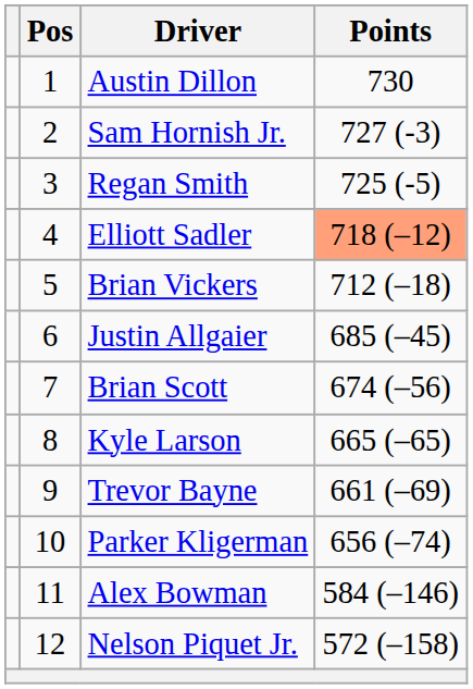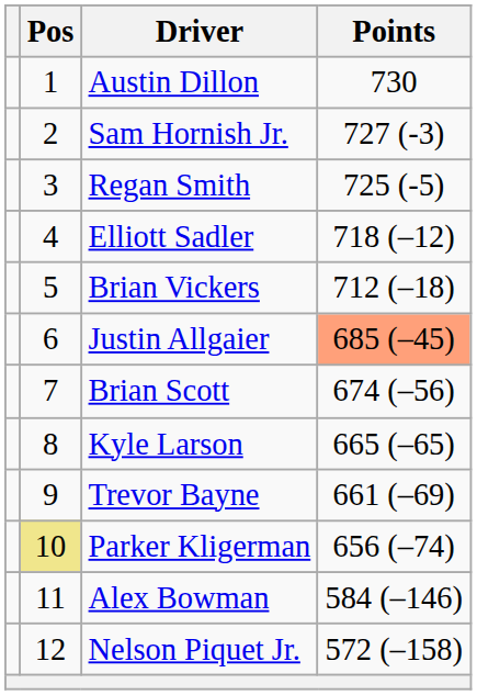 <table class="wikitable" style="font-size: 95%;">
 <tr>
 <th></th>
 <th>Pos</th>
 <th>Driver</th>
 <th>Points</th>
 </tr>
 <tr>
 <td align="left"></td>
 <td style="text-align:center;">1</td>
 <td><a href='#'>Austin Dillon</a></td>
 <td style="text-align:center;">730</td>
 </tr>
 <tr>
 <td align="left"></td>
 <td style="text-align:center;">2</td>
 <td><a href='#'>Sam Hornish Jr.</a></td>
 <td style="text-align:center;">727 (-3)</td>
 </tr>
 <tr>
 <td align="left"></td>
 <td style="text-align:center;">3</td>
 <td><a href='#'>Regan Smith</a></td>
 <td style="text-align:center;">725 (-5)</td>
 </tr>
 <tr>
 <td align="left"></td>
 <td style="text-align:center;">4</td>
 <td><a href='#'>Elliott Sadler</a></td>
-<td style="background: lightsalmon; text-align:center;">718 (–12)</td>
+<td style="text-align:center;">718 (–12)</td>
 </tr>
 <tr>
 <td align="left"></td>
 <td style="text-align:center;">5</td>
 <td><a href='#'>Brian Vickers</a></td>
 <td style="text-align:center;">712 (–18)</td>
 </tr>
 <tr>
 <td align="left"></td>
 <td style="text-align:center;">6</td>
 <td><a href='#'>Justin Allgaier</a></td>
-<td style="text-align:center;">685 (–45)</td>
+<td style="background: lightsalmon; text-align:center;">685 (–45)</td>
 </tr>
 <tr>
 <td align="left"></td>
 <td style="text-align:center;">7</td>
 <td><a href='#'>Brian Scott</a></td>
 <td style="text-align:center;">674 (–56)</td>
 </tr>
 <tr>
 <td align="left"></td>
 <td style="text-align:center;">8</td>
 <td><a href='#'>Kyle Larson</a></td>
 <td style="text-align:center;">665 (–65)</td>
 </tr>
 <tr>
 <td align="left"></td>
 <td style="text-align:center;">9</td>
 <td><a href='#'>Trevor Bayne</a></td>
 <td style="text-align:center;">661 (–69)</td>
 </tr>
 <tr>
 <td align="left"></td>
-<td style="text-align:center;">10</td>
+<td style="background: khaki; text-align:center;">10</td>
 <td><a href='#'>Parker Kligerman</a></td>
 <td style="text-align:center;">656 (–74)</td>
 </tr>
 <tr>
 <td align="left"></td>
 <td style="text-align:center;">11</td>
 <td><a href='#'>Alex Bowman</a></td>
 <td style="text-align:center;">584 (–146)</td>
 </tr>
 <tr>
 <td align="left"></td>
 <td style="text-align:center;">12</td>
 <td><a href='#'>Nelson Piquet Jr.</a></td>
 <td style="text-align:center;">572 (–158)</td>
 </tr>
 <tr class="sortbottom">
 <th colspan="9"></th>
 </tr>
 </table>
